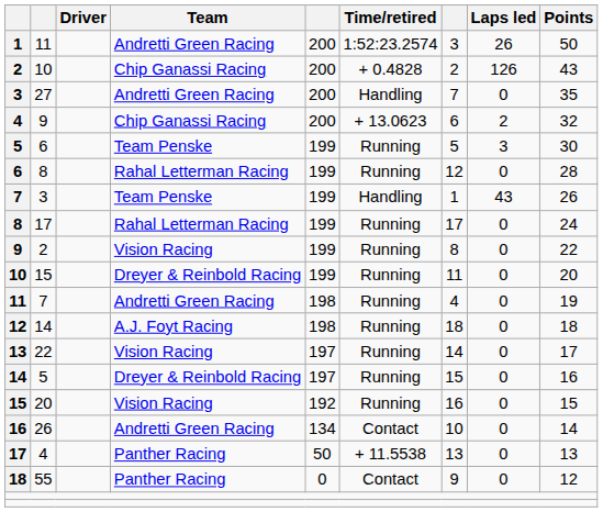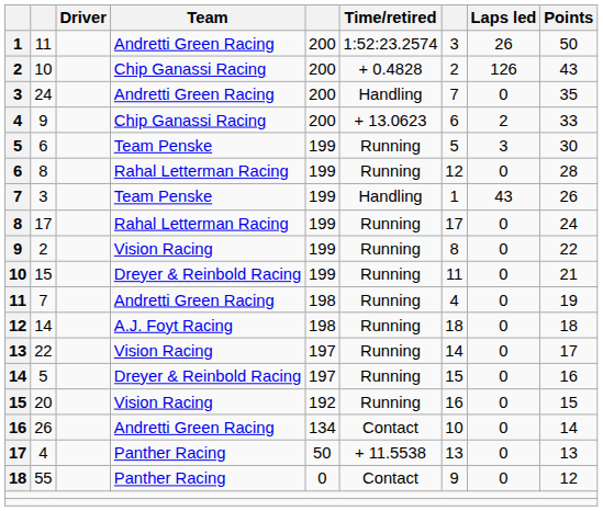 <table class="wikitable sortable" style="font-size:95%;">
 <tr>
 <th scope="col"></th>
 <th scope="col"></th>
 <th scope="col">Driver</th>
 <th scope="col">Team</th>
 <th scope="col"></th>
 <th scope="col">Time/retired</th>
 <th scope="col"></th>
 <th scope="col">Laps led</th>
 <th scope="col">Points</th>
 </tr>
 <tr>
 <th scope="row">1</th>
 <td align="center">11</td>
 <td></td>
 <td><a href='#'>Andretti Green Racing</a></td>
 <td align="center">200</td>
 <td align="center">1:52:23.2574</td>
 <td align="center">3</td>
 <td align="center">26</td>
 <td align="center">50</td>
 </tr>
 <tr>
 <th scope="row">2</th>
 <td align="center">10</td>
 <td></td>
 <td><a href='#'>Chip Ganassi Racing</a></td>
 <td align="center">200</td>
 <td align="center">+ 0.4828</td>
 <td align="center">2</td>
 <td align="center">126</td>
 <td align="center">43</td>
 </tr>
 <tr>
 <th scope="row">3</th>
-<td align="center">27</td>
+<td align="center">24</td>
 <td></td>
 <td><a href='#'>Andretti Green Racing</a></td>
 <td align="center">200</td>
 <td align="center">Handling</td>
 <td align="center">7</td>
 <td align="center">0</td>
 <td align="center">35</td>
 </tr>
 <tr>
 <th scope="row">4</th>
 <td align="center">9</td>
 <td></td>
 <td><a href='#'>Chip Ganassi Racing</a></td>
 <td align="center">200</td>
 <td align="center">+ 13.0623</td>
 <td align="center">6</td>
 <td align="center">2</td>
-<td align="center">32</td>
+<td align="center">33</td>
 </tr>
 <tr>
 <th scope="row">5</th>
 <td align="center">6</td>
 <td></td>
 <td><a href='#'>Team Penske</a></td>
 <td align="center">199</td>
 <td align="center">Running</td>
 <td align="center">5</td>
 <td align="center">3</td>
 <td align="center">30</td>
 </tr>
 <tr>
 <th scope="row">6</th>
 <td align="center">8</td>
 <td></td>
 <td><a href='#'>Rahal Letterman Racing</a></td>
 <td align="center">199</td>
 <td align="center">Running</td>
 <td align="center">12</td>
 <td align="center">0</td>
 <td align="center">28</td>
 </tr>
 <tr>
 <th scope="row">7</th>
 <td align="center">3</td>
 <td></td>
 <td><a href='#'>Team Penske</a></td>
 <td align="center">199</td>
 <td align="center">Handling</td>
 <td align="center">1</td>
 <td align="center">43</td>
 <td align="center">26</td>
 </tr>
 <tr>
 <th scope="row">8</th>
 <td align="center">17</td>
 <td></td>
 <td><a href='#'>Rahal Letterman Racing</a></td>
 <td align="center">199</td>
 <td align="center">Running</td>
 <td align="center">17</td>
 <td align="center">0</td>
 <td align="center">24</td>
 </tr>
 <tr>
 <th scope="row">9</th>
 <td align="center">2</td>
 <td></td>
 <td><a href='#'>Vision Racing</a></td>
 <td align="center">199</td>
 <td align="center">Running</td>
 <td align="center">8</td>
 <td align="center">0</td>
 <td align="center">22</td>
 </tr>
 <tr>
 <th scope="row">10</th>
 <td align="center">15</td>
 <td></td>
 <td><a href='#'>Dreyer & Reinbold Racing</a></td>
 <td align="center">199</td>
 <td align="center">Running</td>
 <td align="center">11</td>
 <td align="center">0</td>
-<td align="center">20</td>
+<td align="center">21</td>
 </tr>
 <tr>
 <th scope="row">11</th>
 <td align="center">7</td>
 <td></td>
 <td><a href='#'>Andretti Green Racing</a></td>
 <td align="center">198</td>
 <td align="center">Running</td>
 <td align="center">4</td>
 <td align="center">0</td>
 <td align="center">19</td>
 </tr>
 <tr>
 <th scope="row">12</th>
 <td align="center">14</td>
 <td></td>
 <td><a href='#'>A.J. Foyt Racing</a></td>
 <td align="center">198</td>
 <td align="center">Running</td>
 <td align="center">18</td>
 <td align="center">0</td>
 <td align="center">18</td>
 </tr>
 <tr>
 <th scope="row">13</th>
 <td align="center">22</td>
 <td></td>
 <td><a href='#'>Vision Racing</a></td>
 <td align="center">197</td>
 <td align="center">Running</td>
 <td align="center">14</td>
 <td align="center">0</td>
 <td align="center">17</td>
 </tr>
 <tr>
 <th scope="row">14</th>
 <td align="center">5</td>
 <td></td>
 <td><a href='#'>Dreyer & Reinbold Racing</a></td>
 <td align="center">197</td>
 <td align="center">Running</td>
 <td align="center">15</td>
 <td align="center">0</td>
 <td align="center">16</td>
 </tr>
 <tr>
 <th scope="row">15</th>
 <td align="center">20</td>
 <td></td>
 <td><a href='#'>Vision Racing</a></td>
 <td align="center">192</td>
 <td align="center">Running</td>
 <td align="center">16</td>
 <td align="center">0</td>
 <td align="center">15</td>
 </tr>
 <tr>
 <th scope="row">16</th>
 <td align="center">26</td>
 <td></td>
 <td><a href='#'>Andretti Green Racing</a></td>
 <td align="center">134</td>
 <td align="center">Contact</td>
 <td align="center">10</td>
 <td align="center">0</td>
 <td align="center">14</td>
 </tr>
 <tr>
 <th scope="row">17</th>
 <td align="center">4</td>
 <td></td>
 <td><a href='#'>Panther Racing</a></td>
 <td align="center">50</td>
 <td align="center">+ 11.5538</td>
 <td align="center">13</td>
 <td align="center">0</td>
 <td align="center">13</td>
 </tr>
 <tr>
 <th scope="row">18</th>
 <td align="center">55</td>
 <td></td>
 <td><a href='#'>Panther Racing</a></td>
 <td align="center">0</td>
 <td align="center">Contact</td>
 <td align="center">9</td>
 <td align="center">0</td>
 <td align="center">12</td>
 </tr>
 <tr class="sortbottom">
 <td colspan="9"></td>
 </tr>
 <tr class="sortbottom">
 <td colspan="9"></td>
 </tr>
 </table>
